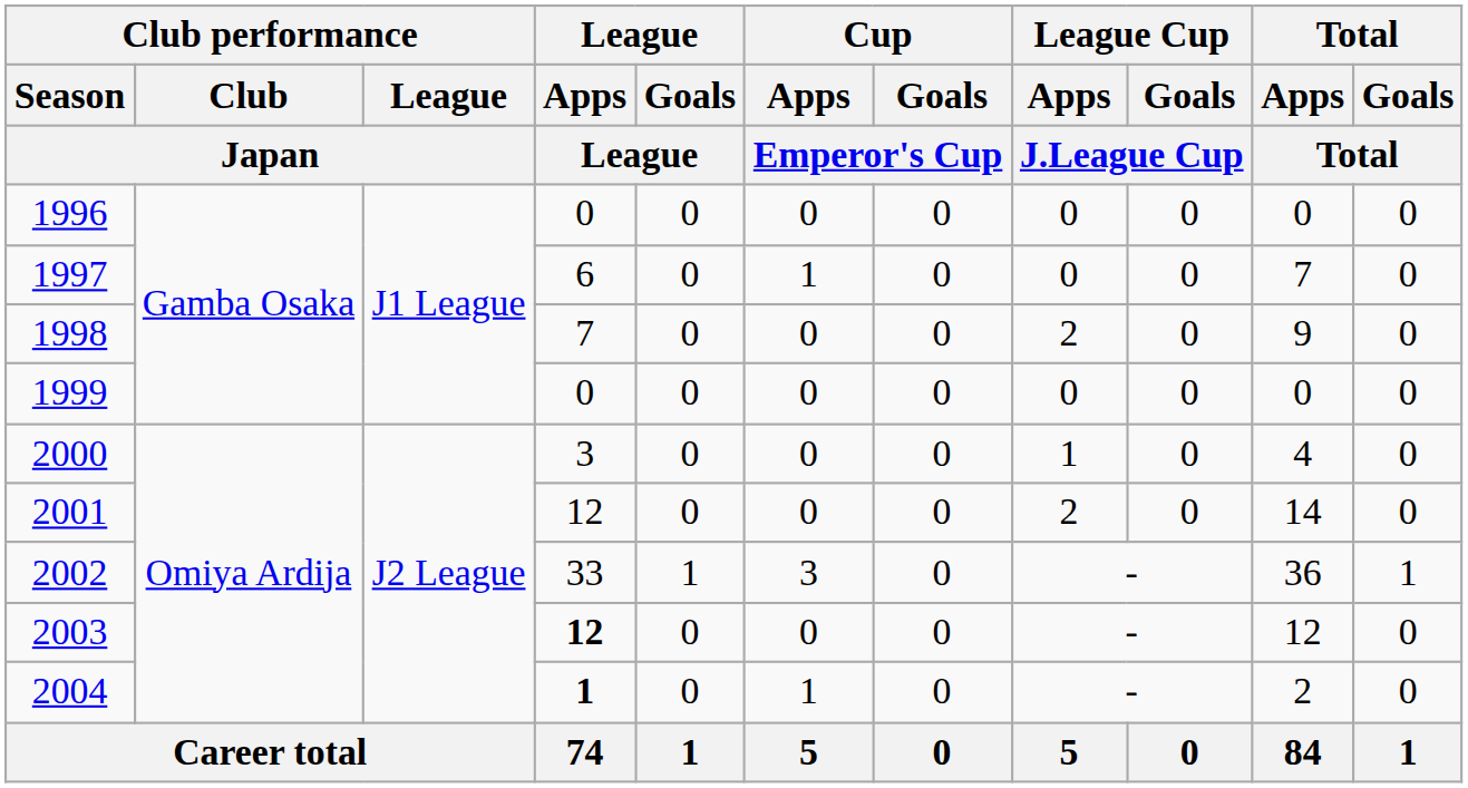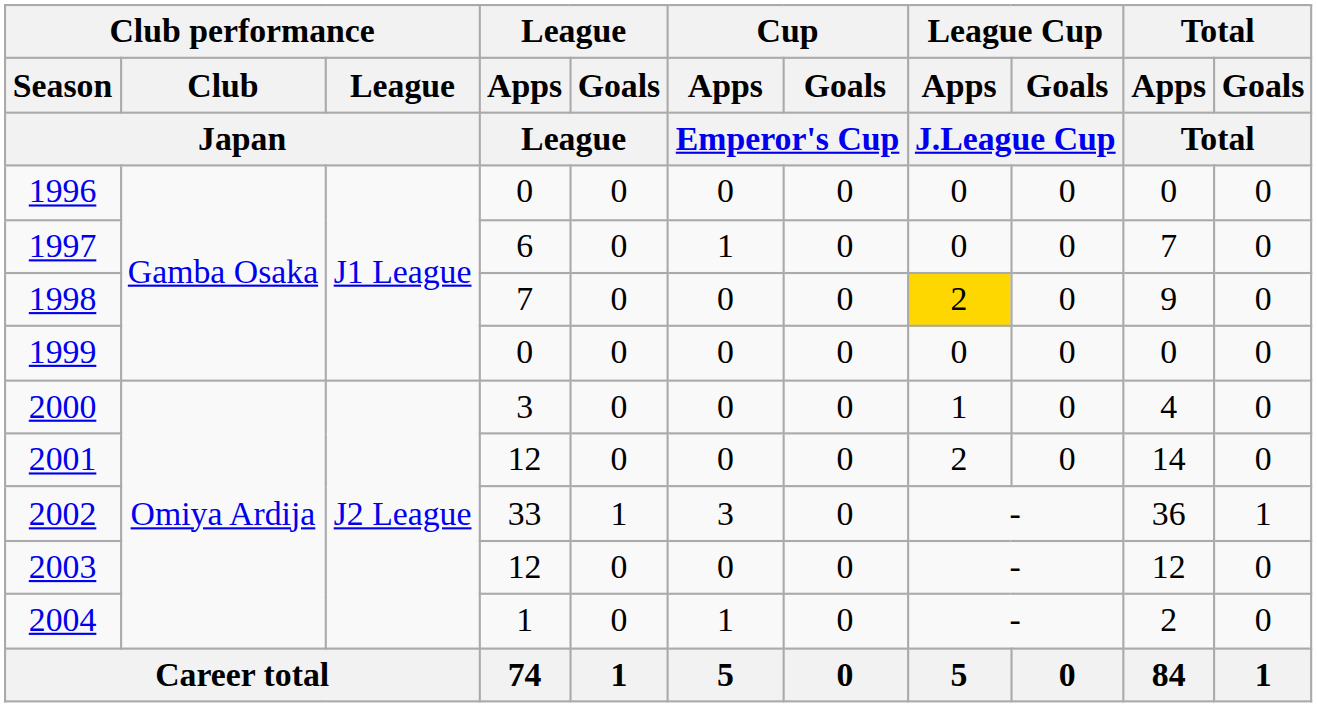 <table class="wikitable" style="text-align:center">
 <tr>
 <th colspan=3>Club performance</th>
 <th colspan=2>League</th>
 <th colspan=2>Cup</th>
 <th colspan=2>League Cup</th>
 <th colspan=2>Total</th>
 </tr>
 <tr>
 <th>Season</th>
 <th>Club</th>
 <th>League</th>
 <th>Apps</th>
 <th>Goals</th>
 <th>Apps</th>
 <th>Goals</th>
 <th>Apps</th>
 <th>Goals</th>
 <th>Apps</th>
 <th>Goals</th>
 </tr>
 <tr>
 <th colspan=3>Japan</th>
 <th colspan=2>League</th>
 <th colspan=2><a href='#'>Emperor's Cup</a></th>
 <th colspan=2><a href='#'>J.League Cup</a></th>
 <th colspan=2>Total</th>
 </tr>
 <tr>
 <td><a href='#'>1996</a></td>
 <td rowspan="4"><a href='#'>Gamba Osaka</a></td>
 <td rowspan="4"><a href='#'>J1 League</a></td>
 <td>0</td>
 <td>0</td>
 <td>0</td>
 <td>0</td>
 <td>0</td>
 <td>0</td>
 <td>0</td>
 <td>0</td>
 </tr>
 <tr>
 <td><a href='#'>1997</a></td>
 <td>6</td>
 <td>0</td>
 <td>1</td>
 <td>0</td>
 <td>0</td>
 <td>0</td>
 <td>7</td>
 <td>0</td>
 </tr>
 <tr>
 <td><a href='#'>1998</a></td>
 <td>7</td>
 <td>0</td>
 <td>0</td>
 <td>0</td>
-<td>2</td>
+<td style="background: gold;">2</td>
 <td>0</td>
 <td>9</td>
 <td>0</td>
 </tr>
 <tr>
 <td><a href='#'>1999</a></td>
 <td>0</td>
 <td>0</td>
 <td>0</td>
 <td>0</td>
 <td>0</td>
 <td>0</td>
 <td>0</td>
 <td>0</td>
 </tr>
 <tr>
 <td><a href='#'>2000</a></td>
 <td rowspan="5"><a href='#'>Omiya Ardija</a></td>
 <td rowspan="5"><a href='#'>J2 League</a></td>
 <td>3</td>
 <td>0</td>
 <td>0</td>
 <td>0</td>
 <td>1</td>
 <td>0</td>
 <td>4</td>
 <td>0</td>
 </tr>
 <tr>
 <td><a href='#'>2001</a></td>
 <td>12</td>
 <td>0</td>
 <td>0</td>
 <td>0</td>
 <td>2</td>
 <td>0</td>
 <td>14</td>
 <td>0</td>
 </tr>
 <tr>
 <td><a href='#'>2002</a></td>
 <td>33</td>
 <td>1</td>
 <td>3</td>
 <td>0</td>
 <td colspan="2">-</td>
 <td>36</td>
 <td>1</td>
 </tr>
 <tr>
 <td><a href='#'>2003</a></td>
-<td><strong>12</strong></td>
+<td>12</td>
 <td>0</td>
 <td>0</td>
 <td>0</td>
 <td colspan="2">-</td>
 <td>12</td>
 <td>0</td>
 </tr>
 <tr>
 <td><a href='#'>2004</a></td>
-<td><strong>1</strong></td>
+<td>1</td>
 <td>0</td>
 <td>1</td>
 <td>0</td>
 <td colspan="2">-</td>
 <td>2</td>
 <td>0</td>
 </tr>
 <tr>
 <th colspan=3>Career total</th>
 <th>74</th>
 <th>1</th>
 <th>5</th>
 <th>0</th>
 <th>5</th>
 <th>0</th>
 <th>84</th>
 <th>1</th>
 </tr>
 </table>
